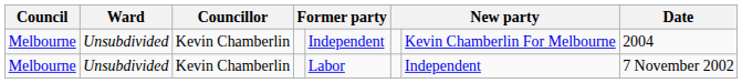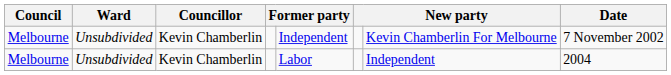 <table class="wikitable sortable">
 <tr>
 <th>Council</th>
 <th>Ward</th>
 <th>Councillor</th>
 <th colspan="2">Former party</th>
 <th colspan="2">New party</th>
 <th>Date</th>
 </tr>
 <tr>
 <td><a href='#'>Melbourne</a></td>
 <td><em>Unsubdivided</em></td>
 <td>Kevin Chamberlin</td>
 <td> </td>
 <td><a href='#'>Independent</a></td>
 <td> </td>
 <td><a href='#'>Kevin Chamberlin For Melbourne</a></td>
-<td>2004</td>
+<td>7 November 2002</td>
 </tr>
 <tr>
 <td><a href='#'>Melbourne</a></td>
 <td><em>Unsubdivided</em></td>
 <td>Kevin Chamberlin</td>
 <td> </td>
 <td><a href='#'>Labor</a></td>
 <td> </td>
 <td><a href='#'>Independent</a></td>
-<td>7 November 2002</td>
+<td>2004</td>
 </tr>
 </table>
